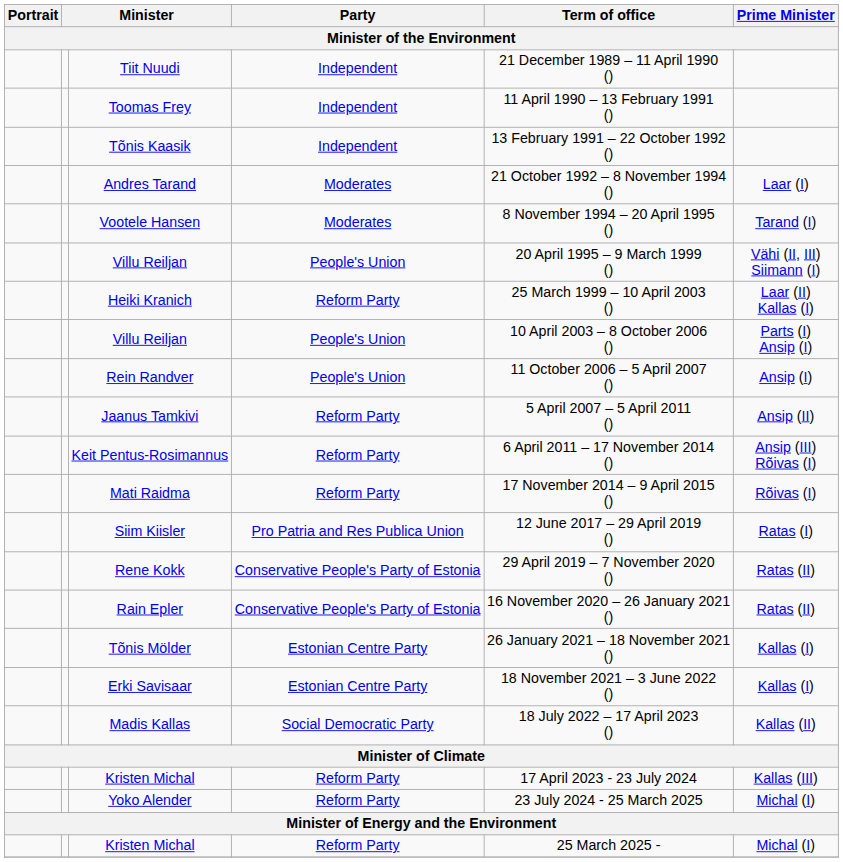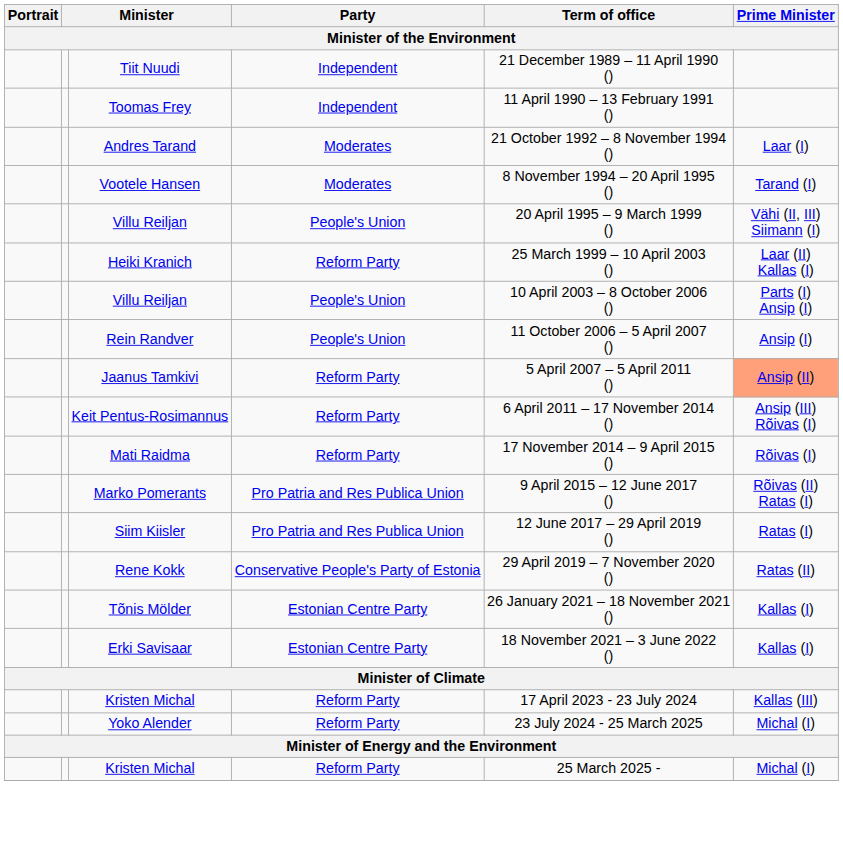 <table class="wikitable" style="text-align:center;">
 <tr>
 <th>Portrait</th>
 <th colspan=2>Minister</th>
 <th>Party</th>
 <th>Term of office</th>
 <th><a href='#'>Prime Minister</a></th>
 </tr>
 <tr>
 <th colspan="6">Minister of the Environment</th>
 </tr>
 <tr>
 <td></td>
 <td></td>
 <td><a href='#'>Tiit Nuudi</a></td>
 <td><a href='#'>Independent</a></td>
 <td>21 December 1989 – 11 April 1990<br>()</td>
 <td></td>
 </tr>
 <tr>
 <td></td>
 <td></td>
 <td><a href='#'>Toomas Frey</a></td>
 <td><a href='#'>Independent</a></td>
 <td>11 April 1990 – 13 February 1991<br>()</td>
-<td></td>
-</tr>
-<tr>
-<td></td>
-<td></td>
-<td><a href='#'>Tõnis Kaasik</a></td>
-<td><a href='#'>Independent</a></td>
-<td>13 February 1991 – 22 October 1992<br>()</td>
 <td></td>
 </tr>
 <tr>
 <td></td>
 <td></td>
 <td><a href='#'>Andres Tarand</a></td>
 <td><a href='#'>Moderates</a></td>
 <td>21 October 1992 – 8 November 1994<br>()</td>
 <td><a href='#'>Laar</a> (<a href='#'>I</a>)</td>
 </tr>
 <tr>
 <td></td>
 <td></td>
 <td><a href='#'>Vootele Hansen</a></td>
 <td><a href='#'>Moderates</a></td>
 <td>8 November 1994 – 20 April 1995<br>()</td>
 <td><a href='#'>Tarand</a> (<a href='#'>I</a>)</td>
 </tr>
 <tr>
 <td></td>
 <td style="background:"></td>
 <td><a href='#'>Villu Reiljan</a></td>
 <td><a href='#'>People's Union</a></td>
 <td>20 April 1995 – 9 March 1999<br>()</td>
 <td><a href='#'>Vähi</a> (<a href='#'>II</a>, <a href='#'>III</a>)<br><a href='#'>Siimann</a> (<a href='#'>I</a>)</td>
 </tr>
 <tr>
 <td></td>
 <td style="background:"></td>
 <td><a href='#'>Heiki Kranich</a></td>
 <td><a href='#'>Reform Party</a></td>
 <td>25 March 1999 – 10 April 2003<br>()</td>
 <td><a href='#'>Laar</a> (<a href='#'>II</a>)<br><a href='#'>Kallas</a> (<a href='#'>I</a>)</td>
 </tr>
 <tr>
 <td></td>
 <td style="background:"></td>
 <td><a href='#'>Villu Reiljan</a></td>
 <td><a href='#'>People's Union</a></td>
 <td>10 April 2003 – 8 October 2006<br>()</td>
 <td><a href='#'>Parts</a> (<a href='#'>I</a>)<br><a href='#'>Ansip</a> (<a href='#'>I</a>)</td>
 </tr>
 <tr>
 <td></td>
 <td style="background:"></td>
 <td><a href='#'>Rein Randver</a></td>
 <td><a href='#'>People's Union</a></td>
 <td>11 October 2006 – 5 April 2007<br>()</td>
 <td><a href='#'>Ansip</a> (<a href='#'>I</a>)</td>
 </tr>
 <tr>
 <td></td>
 <td style="background:"></td>
 <td><a href='#'>Jaanus Tamkivi</a></td>
 <td><a href='#'>Reform Party</a></td>
 <td>5 April 2007 – 5 April 2011<br>()</td>
-<td><a href='#'>Ansip</a> (<a href='#'>II</a>)</td>
+<td style="background: lightsalmon;"><a href='#'>Ansip</a> (<a href='#'>II</a>)</td>
 </tr>
 <tr>
 <td></td>
 <td style="background:"></td>
 <td><a href='#'>Keit Pentus-Rosimannus</a></td>
 <td><a href='#'>Reform Party</a></td>
 <td>6 April 2011 – 17 November 2014<br>()</td>
 <td><a href='#'>Ansip</a> (<a href='#'>III</a>)<br><a href='#'>Rõivas</a> (<a href='#'>I</a>)</td>
 </tr>
 <tr>
 <td></td>
 <td style="background:"></td>
 <td><a href='#'>Mati Raidma</a></td>
 <td><a href='#'>Reform Party</a></td>
 <td>17 November 2014 – 9 April 2015<br>()</td>
 <td><a href='#'>Rõivas</a> (<a href='#'>I</a>)</td>
 </tr>
 <tr>
 <td></td>
 <td style="background:"></td>
+<td><a href='#'>Marko Pomerants</a></td>
+<td><a href='#'>Pro Patria and Res Publica Union</a></td>
+<td>9 April 2015 – 12 June 2017<br>()</td>
+<td><a href='#'>Rõivas</a> (<a href='#'>II</a>)<br><a href='#'>Ratas</a> (<a href='#'>I</a>)</td>
+</tr>
+<tr>
+<td></td>
+<td style="background:"></td>
 <td><a href='#'>Siim Kiisler</a></td>
 <td><a href='#'>Pro Patria and Res Publica Union</a></td>
 <td>12 June 2017 – 29 April 2019 <br>()</td>
 <td><a href='#'>Ratas</a> (<a href='#'>I</a>)</td>
 </tr>
 <tr>
 <td></td>
 <td style="background:"></td>
 <td><a href='#'>Rene Kokk</a></td>
 <td><a href='#'>Conservative People's Party of Estonia</a></td>
 <td>29 April 2019 – 7 November 2020 <br>()</td>
-<td><a href='#'>Ratas</a> (<a href='#'>II</a>)</td>
-</tr>
-<tr>
-<td></td>
-<td style="background:"></td>
-<td><a href='#'>Rain Epler</a></td>
-<td><a href='#'>Conservative People's Party of Estonia</a></td>
-<td>16 November 2020 – 26 January 2021 <br>()</td>
 <td><a href='#'>Ratas</a> (<a href='#'>II</a>)</td>
 </tr>
 <tr>
 <td></td>
 <td style="background:"></td>
 <td><a href='#'>Tõnis Mölder</a></td>
 <td><a href='#'>Estonian Centre Party</a></td>
 <td>26 January 2021 – 18 November 2021 <br>()</td>
 <td><a href='#'>Kallas</a> (<a href='#'>I</a>)</td>
 </tr>
 <tr>
 <td></td>
 <td style="background:"></td>
 <td><a href='#'>Erki Savisaar</a></td>
 <td><a href='#'>Estonian Centre Party</a></td>
 <td>18 November 2021 – 3 June 2022<br>()</td>
 <td><a href='#'>Kallas</a> (<a href='#'>I</a>)</td>
-</tr>
-<tr>
-<td></td>
-<td style="background:"></td>
-<td><a href='#'>Madis Kallas</a></td>
-<td><a href='#'>Social Democratic Party</a></td>
-<td>18 July 2022 – 17 April 2023 <br>()</td>
-<td><a href='#'>Kallas</a> (<a href='#'>II</a>)</td>
 </tr>
 <tr>
 <th colspan="6">Minister of Climate</th>
 </tr>
 <tr>
 <td></td>
 <td style="background:"></td>
 <td><a href='#'>Kristen Michal</a></td>
 <td><a href='#'>Reform Party</a></td>
 <td>17 April 2023 - 23 July 2024</td>
 <td><a href='#'>Kallas</a> (<a href='#'>III</a>)</td>
 </tr>
 <tr>
 <td></td>
 <td style="background:"></td>
 <td><a href='#'>Yoko Alender</a></td>
 <td><a href='#'>Reform Party</a></td>
 <td>23 July 2024 - 25 March 2025</td>
 <td><a href='#'>Michal</a> (<a href='#'>I</a>)</td>
 </tr>
 <tr>
 <th colspan="6">Minister of Energy and the Environment</th>
 </tr>
 <tr>
 <td></td>
 <td style="background:"></td>
 <td><a href='#'>Kristen Michal</a></td>
 <td><a href='#'>Reform Party</a></td>
 <td>25 March 2025 -</td>
 <td><a href='#'>Michal</a> (<a href='#'>I</a>)</td>
 </tr>
 <tr>
 </tr>
 </table>
